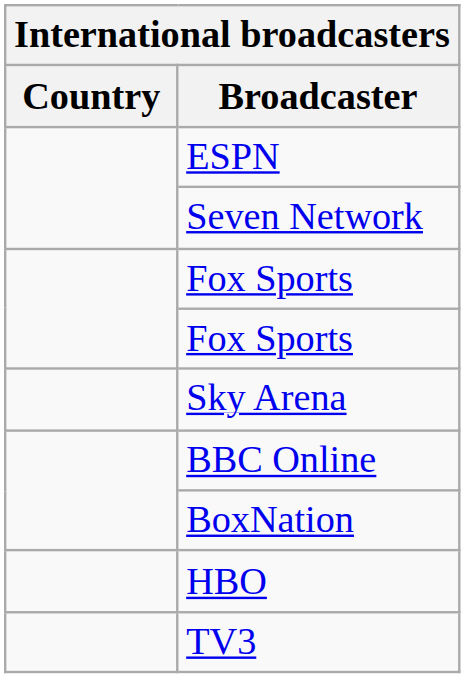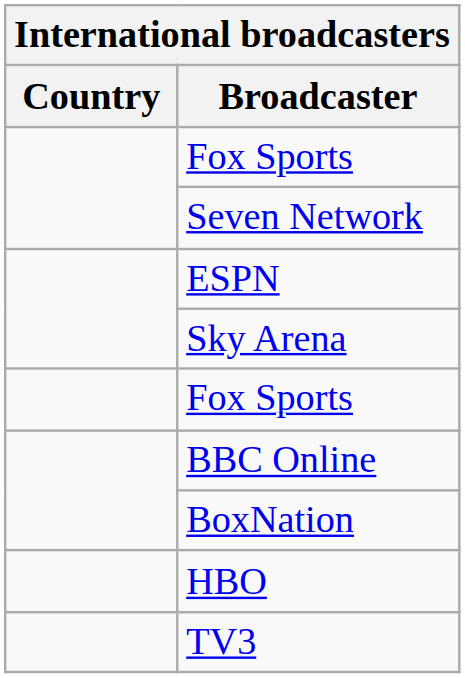 <table class="wikitable collapsible" font-size:"95%;">
 <tr>
 <th colspan=2>International broadcasters</th>
 </tr>
 <tr>
 <th align=center>Country</th>
 <th align=center>Broadcaster</th>
 </tr>
 <tr>
 <td style="text-align:left;" rowspan="2"></td>
-<td><a href='#'>ESPN</a></td>
+<td><a href='#'>Fox Sports</a></td>
 </tr>
 <tr>
 <td><a href='#'>Seven Network</a></td>
 </tr>
 <tr>
 <td style="text-align:left;" rowspan="2"></td>
-<td><a href='#'>Fox Sports</a></td>
+<td><a href='#'>ESPN</a></td>
 </tr>
 <tr>
-<td><a href='#'>Fox Sports</a></td>
+<td><a href='#'>Sky Arena</a></td>
 </tr>
 <tr>
 <td></td>
-<td><a href='#'>Sky Arena</a></td>
+<td><a href='#'>Fox Sports</a></td>
 </tr>
 <tr>
 <td style="text-align:left;" rowspan="2"></td>
 <td><a href='#'>BBC Online</a></td>
 </tr>
 <tr>
 <td><a href='#'>BoxNation</a></td>
 </tr>
 <tr>
 <td></td>
 <td><a href='#'>HBO</a></td>
 </tr>
 <tr>
 <td></td>
 <td><a href='#'>TV3</a></td>
 </tr>
 </table>
